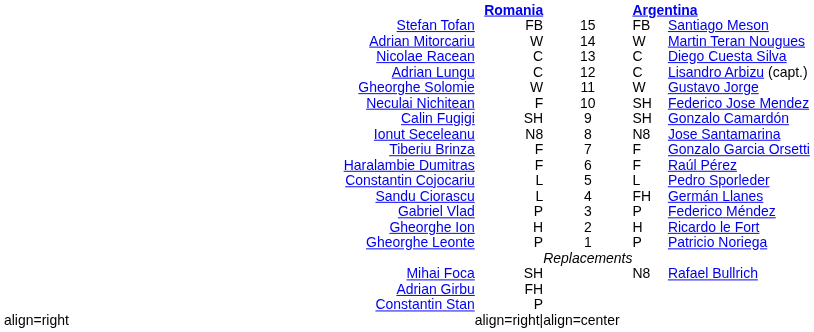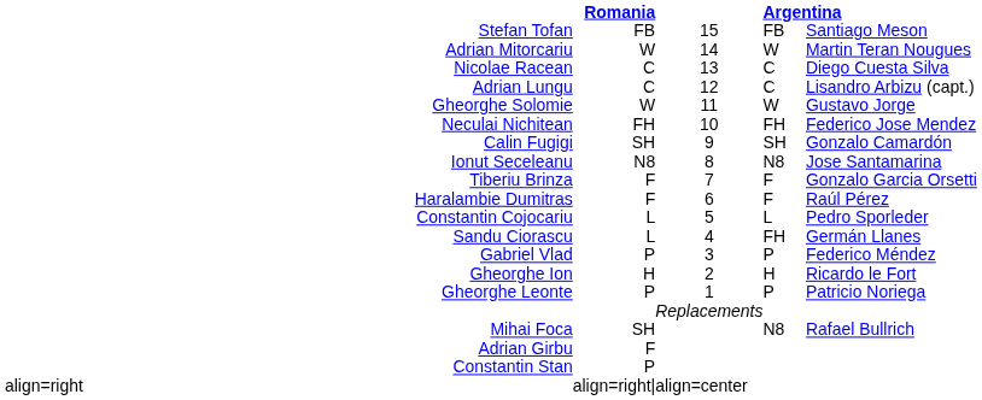 <table width="100%" style="font-size: 90%; " cellspacing="0" cellpadding="0" align=center>
 <tr>
 <td width=41%; text-align=right></td>
 <td width=3%; text-align:right></td>
 <td width=4%; text-align:center></td>
 <td width=3%; text-align:left></td>
 <td width=49%; text-align:left></td>
 </tr>
 <tr>
 <td colspan=2 align=right><strong><a href='#'>Romania</a></strong></td>
 <td></td>
 <td colspan=2><strong><a href='#'>Argentina</a></strong></td>
 </tr>
 <tr>
 <td align=right><a href='#'>Stefan Tofan</a></td>
 <td align=right>FB</td>
 <td align=center>15</td>
 <td>FB</td>
 <td><a href='#'>Santiago Meson</a></td>
 </tr>
 <tr>
 <td align=right><a href='#'>Adrian Mitorcariu</a></td>
 <td align=right>W</td>
 <td align=center>14</td>
 <td>W</td>
 <td><a href='#'>Martin Teran Nougues</a></td>
 </tr>
 <tr>
 <td align=right><a href='#'>Nicolae Racean</a></td>
 <td align=right>C</td>
 <td align=center>13</td>
 <td>C</td>
 <td><a href='#'>Diego Cuesta Silva</a></td>
 </tr>
 <tr>
 <td align=right><a href='#'>Adrian Lungu</a></td>
 <td align=right>C</td>
 <td align=center>12</td>
 <td>C</td>
 <td><a href='#'>Lisandro Arbizu</a> (capt.)</td>
 </tr>
 <tr>
 <td align=right><a href='#'>Gheorghe Solomie</a></td>
 <td align=right>W</td>
 <td align=center>11</td>
 <td>W</td>
 <td><a href='#'>Gustavo Jorge</a></td>
 </tr>
 <tr>
 <td align=right><a href='#'>Neculai Nichitean</a></td>
-<td align=right>F</td>
+<td align=right>FH</td>
 <td align=center>10</td>
-<td>SH</td>
+<td>FH</td>
 <td><a href='#'>Federico Jose Mendez</a></td>
 </tr>
 <tr>
 <td align=right><a href='#'>Calin Fugigi</a></td>
 <td align=right>SH</td>
 <td align=center>9</td>
 <td>SH</td>
 <td><a href='#'>Gonzalo Camardón</a></td>
 </tr>
 <tr>
 <td align=right><a href='#'>Ionut Seceleanu</a></td>
 <td align=right>N8</td>
 <td align=center>8</td>
 <td>N8</td>
 <td><a href='#'>Jose Santamarina</a></td>
 </tr>
 <tr>
 <td align=right><a href='#'>Tiberiu Brinza</a></td>
 <td align=right>F</td>
 <td align=center>7</td>
 <td>F</td>
 <td><a href='#'>Gonzalo Garcia Orsetti</a></td>
 </tr>
 <tr>
 <td align=right><a href='#'>Haralambie Dumitras</a></td>
 <td align=right>F</td>
 <td align=center>6</td>
 <td>F</td>
 <td><a href='#'>Raúl Pérez</a></td>
 </tr>
 <tr>
 <td align=right><a href='#'>Constantin Cojocariu</a></td>
 <td align=right>L</td>
 <td align=center>5</td>
 <td>L</td>
 <td><a href='#'>Pedro Sporleder</a></td>
 </tr>
 <tr>
 <td align=right><a href='#'>Sandu Ciorascu</a></td>
 <td align=right>L</td>
 <td align=center>4</td>
 <td>FH</td>
 <td><a href='#'>Germán Llanes</a></td>
 </tr>
 <tr>
 <td align=right><a href='#'>Gabriel Vlad</a></td>
 <td align=right>P</td>
 <td align=center>3</td>
 <td>P</td>
 <td><a href='#'>Federico Méndez</a></td>
 </tr>
 <tr>
 <td align=right><a href='#'>Gheorghe Ion</a></td>
 <td align=right>H</td>
 <td align=center>2</td>
 <td>H</td>
 <td><a href='#'>Ricardo le Fort</a></td>
 </tr>
 <tr>
 <td align=right><a href='#'>Gheorghe Leonte</a></td>
 <td align=right>P</td>
 <td align=center>1</td>
 <td>P</td>
 <td><a href='#'>Patricio Noriega</a></td>
 </tr>
 <tr>
 <td></td>
 <td></td>
 <td align=center><em>Replacements</em></td>
 <td></td>
 <td></td>
 </tr>
 <tr>
 <td align=right><a href='#'>Mihai Foca</a></td>
 <td align=right>SH</td>
 <td align=center></td>
 <td>N8</td>
 <td><a href='#'>Rafael Bullrich</a></td>
 </tr>
 <tr>
 <td align=right><a href='#'>Adrian Girbu</a></td>
-<td align=right>FH</td>
+<td align=right>F</td>
 <td align=center></td>
 <td></td>
 <td></td>
 </tr>
 <tr>
 <td align=right><a href='#'>Constantin Stan</a></td>
 <td align=right>P</td>
 <td align=center></td>
 <td></td>
 <td></td>
 </tr>
 <tr>
 <td>align=right</td>
 <td>align=right|</td>
 <td>align=center</td>
 <td></td>
 <td></td>
 </tr>
 </table>
